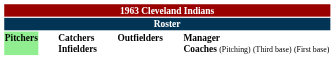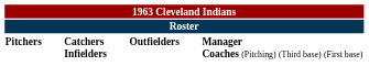 <table class="toccolours" style="font-size: 95%;">
 <tr>
 <th colspan="10" style="background-color: #990000; color: white; text-align: center;">1963 Cleveland Indians</th>
 </tr>
 <tr>
 <td colspan="10" style="background-color: #023456; color: white; text-align: center;"><strong>Roster</strong></td>
 </tr>
 <tr>
-<td valign="top" style="background: lightgreen;"><strong>Pitchers</strong><br>               </td>
+<td valign="top"><strong>Pitchers</strong><br>               </td>
 <td width="25px"></td>
 <td valign="top"><strong>Catchers</strong><br>       <strong>Infielders</strong>         </td>
 <td width="25px"></td>
 <td valign="top"><strong>Outfielders</strong><br>        </td>
 <td width="25px"></td>
 <td valign="top"><strong>Manager</strong><br> <strong>Coaches</strong>  <small>(Pitching)</small>  <small>(Third base)</small>  <small>(First base)</small></td>
 </tr>
 </table>
